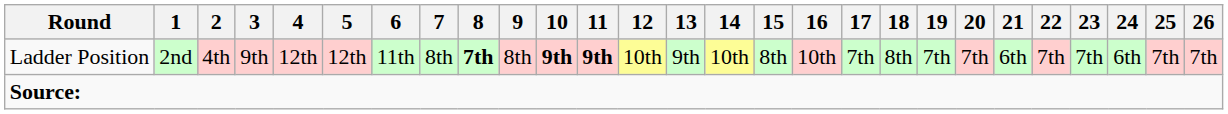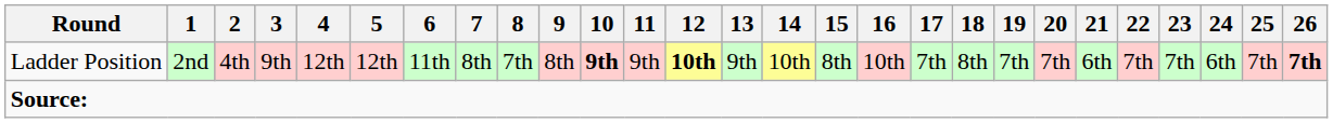 <table class="wikitable">
 <tr>
 <th>Round</th>
 <th>1</th>
 <th>2</th>
 <th>3</th>
 <th>4</th>
 <th>5</th>
 <th>6</th>
 <th>7</th>
 <th>8</th>
 <th>9</th>
 <th>10</th>
 <th>11</th>
 <th>12</th>
 <th>13</th>
 <th>14</th>
 <th>15</th>
 <th>16</th>
 <th>17</th>
 <th>18</th>
 <th>19</th>
 <th>20</th>
 <th>21</th>
 <th>22</th>
 <th>23</th>
 <th>24</th>
 <th>25</th>
 <th>26</th>
 </tr>
 <tr>
 <td>Ladder Position</td>
 <td style="text-align:center; background:#cfc;">2nd</td>
 <td style="text-align:center; background:#FFCFCF">4th</td>
 <td style="text-align:center; background:#FFCFCF">9th</td>
 <td style="text-align:center; background:#FFCFCF">12th</td>
 <td style="text-align:center; background:#FFCFCF">12th</td>
 <td style="text-align:center; background:#cfc;">11th</td>
 <td style="text-align:center; background:#cfc;">8th</td>
-<td style="text-align:center; background:#cfc;"><strong>7th</strong></td>
+<td style="text-align:center; background:#cfc;">7th</td>
 <td style="text-align:center; background:#FFCFCF">8th</td>
 <td style="text-align:center; background:#FFCFCF"><strong>9th</strong></td>
-<td style="text-align:center; background:#FFCFCF"><strong>9th</strong></td>
-<td style="text-align:center; background:#fdfd96">10th</td>
+<td style="text-align:center; background:#FFCFCF">9th</td>
+<td style="text-align:center; background:#fdfd96"><strong>10th</strong></td>
 <td style="text-align:center; background:#cfc;">9th</td>
 <td style="text-align:center; background:#fdfd96;">10th</td>
 <td style="text-align:center; background:#cfc;">8th</td>
 <td style="text-align:center; background:#FFCFCF">10th</td>
 <td style="text-align:center; background:#cfc;">7th</td>
 <td style="text-align:center; background:#cfc;">8th</td>
 <td style="text-align:center; background:#cfc;">7th</td>
 <td style="text-align:center; background:#FFCFCF">7th</td>
 <td style="text-align:center; background:#cfc;">6th</td>
 <td style="text-align:center; background:#FFCFCF">7th</td>
 <td style="text-align:center; background:#cfc;">7th</td>
 <td style="text-align:center; background:#cfc;">6th</td>
 <td style="text-align:center; background:#FFCFCF">7th</td>
-<td style="text-align:center; background:#FFCFCF">7th</td>
+<td style="text-align:center; background:#FFCFCF"><strong>7th</strong></td>
 </tr>
 <tr>
 <td colspan="27"><strong>Source:</strong> </td>
 </tr>
 </table>
